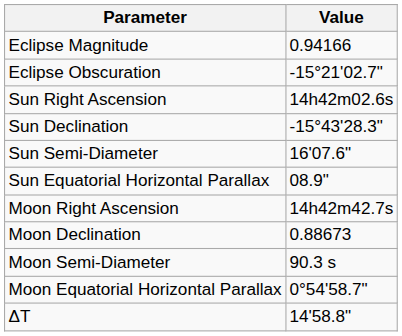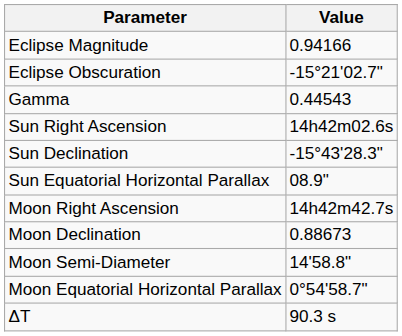 <table class="wikitable">
 <tr>
 <th>Parameter</th>
 <th>Value</th>
 </tr>
 <tr>
 <td>Eclipse Magnitude</td>
 <td>0.94166</td>
 </tr>
 <tr>
 <td>Eclipse Obscuration</td>
 <td>-15°21'02.7"</td>
 </tr>
 <tr>
+<td>Gamma</td>
+<td>0.44543</td>
+</tr>
+<tr>
 <td>Sun Right Ascension</td>
 <td>14h42m02.6s</td>
 </tr>
 <tr>
 <td>Sun Declination</td>
 <td>-15°43'28.3"</td>
-</tr>
-<tr>
-<td>Sun Semi-Diameter</td>
-<td>16'07.6"</td>
 </tr>
 <tr>
 <td>Sun Equatorial Horizontal Parallax</td>
 <td>08.9"</td>
 </tr>
 <tr>
 <td>Moon Right Ascension</td>
 <td>14h42m42.7s</td>
 </tr>
 <tr>
 <td>Moon Declination</td>
 <td>0.88673</td>
 </tr>
 <tr>
 <td>Moon Semi-Diameter</td>
-<td>90.3 s</td>
+<td>14'58.8"</td>
 </tr>
 <tr>
 <td>Moon Equatorial Horizontal Parallax</td>
 <td>0°54'58.7"</td>
 </tr>
 <tr>
 <td>ΔT</td>
-<td>14'58.8"</td>
+<td>90.3 s</td>
 </tr>
 </table>
